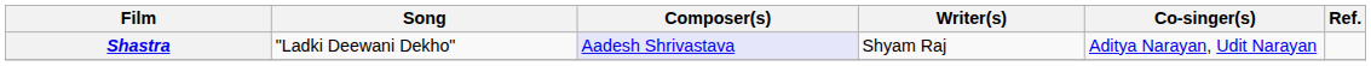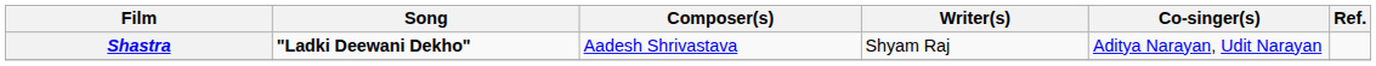 <table class="wikitable plainrowheaders" width="100%" textcolor:#000;">
 <tr>
 <th scope="col" width=20%><strong>Film</strong></th>
 <th scope="col" width=23%><strong>Song</strong></th>
 <th scope="col" width=21%><strong>Composer(s)</strong></th>
 <th scope="col" width=17%><strong>Writer(s)</strong></th>
 <th scope="col" width=18%><strong>Co-singer(s)</strong></th>
 <th scope="col" width=1%><strong>Ref.</strong></th>
 </tr>
 <tr>
 <th scope="row"><em><a href='#'>Shastra</a></em></th>
-<td>"Ladki Deewani Dekho"</td>
-<td style="background: lavender;"><a href='#'>Aadesh Shrivastava</a></td>
+<td><strong>"Ladki Deewani Dekho"</strong></td>
+<td><a href='#'>Aadesh Shrivastava</a></td>
 <td>Shyam Raj</td>
 <td><a href='#'>Aditya Narayan</a>, <a href='#'>Udit Narayan</a></td>
 <td></td>
 </tr>
 <tr>
 </tr>
 </table>
